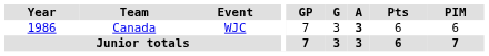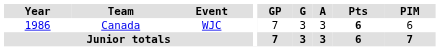 <table border="0" cellpadding="1" cellspacing="0" ID="Table3" style="text-align:center; width:40em">
 <tr bgcolor="#e0e0e0">
 <th>Year</th>
 <th>Team</th>
 <th>Event</th>
 <th rowspan="102" bgcolor="#ffffff"></th>
 <th>GP</th>
 <th>G</th>
 <th>A</th>
 <th>Pts</th>
 <th>PIM</th>
 </tr>
 <tr>
 <td><a href='#'>1986</a></td>
 <td><a href='#'>Canada</a></td>
 <td><a href='#'>WJC</a></td>
 <td>7</td>
 <td>3</td>
-<td><strong>3</strong></td>
-<td>6</td>
+<td>3</td>
+<td><strong>6</strong></td>
 <td>6</td>
 </tr>
 <tr bgcolor="#e0e0e0">
 <th colspan=3>Junior totals</th>
 <th>7</th>
 <th>3</th>
 <th>3</th>
 <th>6</th>
 <th>7</th>
 </tr>
 </table>
